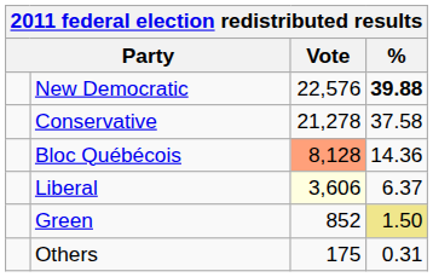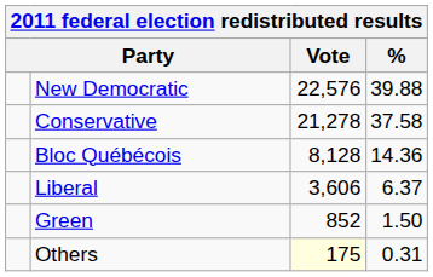 <table class="wikitable">
 <tr>
 <th colspan="4"><a href='#'>2011 federal election</a> redistributed results</th>
 </tr>
 <tr>
 <th bgcolor="#DDDDFF" width="130px" colspan="2">Party</th>
 <th bgcolor="#DDDDFF" width="50px">Vote</th>
 <th bgcolor="#DDDDFF" width="30px">%</th>
 </tr>
 <tr>
 <td> </td>
 <td><a href='#'>New Democratic</a></td>
 <td align=right>22,576</td>
-<td align=right><strong>39.88</strong></td>
+<td align=right>39.88</td>
 </tr>
 <tr>
 <td> </td>
 <td><a href='#'>Conservative</a></td>
 <td align=right>21,278</td>
 <td align=right>37.58</td>
 </tr>
 <tr>
 <td> </td>
 <td><a href='#'>Bloc Québécois</a></td>
-<td align=right style="background: lightsalmon;">8,128</td>
+<td align=right>8,128</td>
 <td align=right>14.36</td>
 </tr>
 <tr>
 <td> </td>
 <td><a href='#'>Liberal</a></td>
-<td align=right style="background: lightyellow;">3,606</td>
+<td align=right>3,606</td>
 <td align=right>6.37</td>
 </tr>
 <tr>
 <td> </td>
 <td><a href='#'>Green</a></td>
 <td align=right>852</td>
-<td align=right style="background: khaki;">1.50</td>
+<td align=right>1.50</td>
 </tr>
 <tr>
 <td> </td>
 <td>Others</td>
-<td align=right>175</td>
+<td align=right style="background: lightyellow;">175</td>
 <td align=right>0.31</td>
 </tr>
 </table>
